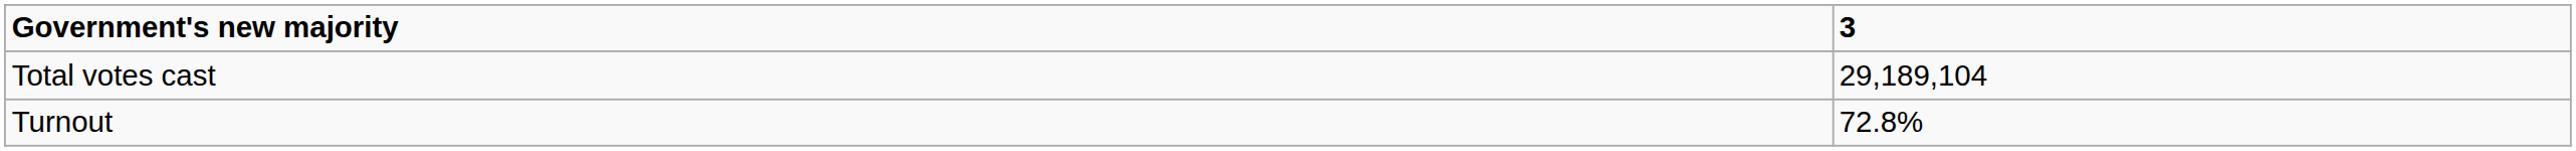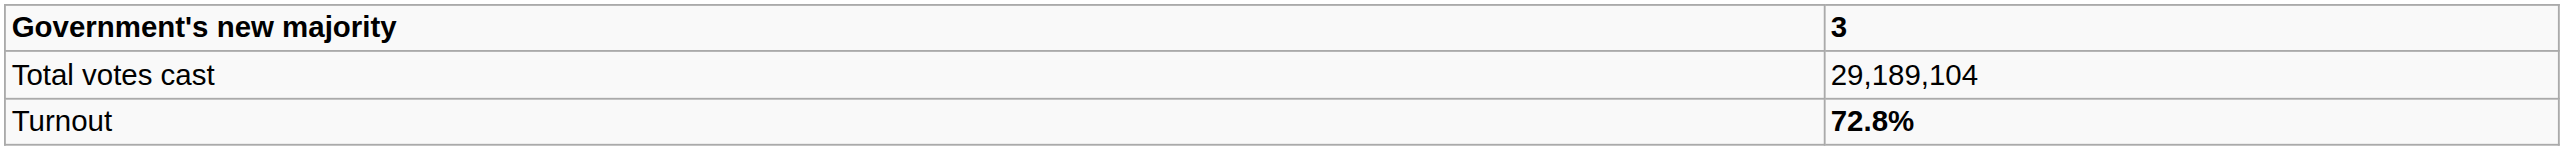 <table class="wikitable" style="width:70%">
 <tr>
 <td><strong>Government's new majority</strong></td>
 <td><strong>3</strong></td>
 </tr>
 <tr>
 <td>Total votes cast</td>
 <td>29,189,104</td>
 </tr>
 <tr>
 <td>Turnout</td>
-<td>72.8%</td>
+<td><strong>72.8%</strong></td>
 </tr>
 </table>
